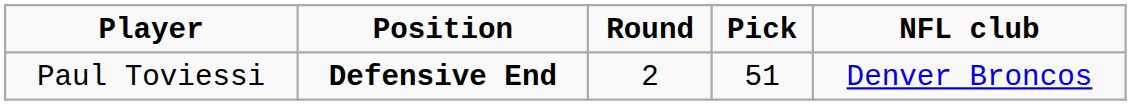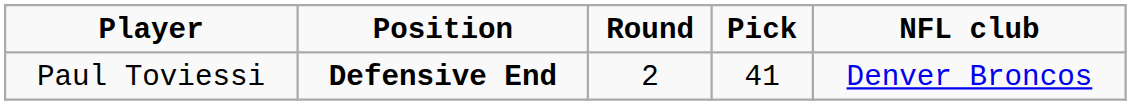 <table class="wikitable" width="80%">
 <tr align="center">
 <td><strong>Player</strong></td>
 <td><strong>Position</strong></td>
 <td><strong>Round</strong></td>
 <td><strong>Pick</strong></td>
 <td><strong>NFL club</strong></td>
 </tr>
 <tr align="center" bgcolor="">
 <td>Paul Toviessi</td>
 <td><strong>Defensive End</strong></td>
 <td>2</td>
-<td>51</td>
+<td>41</td>
 <td><a href='#'>Denver Broncos</a></td>
 </tr>
 </table>
